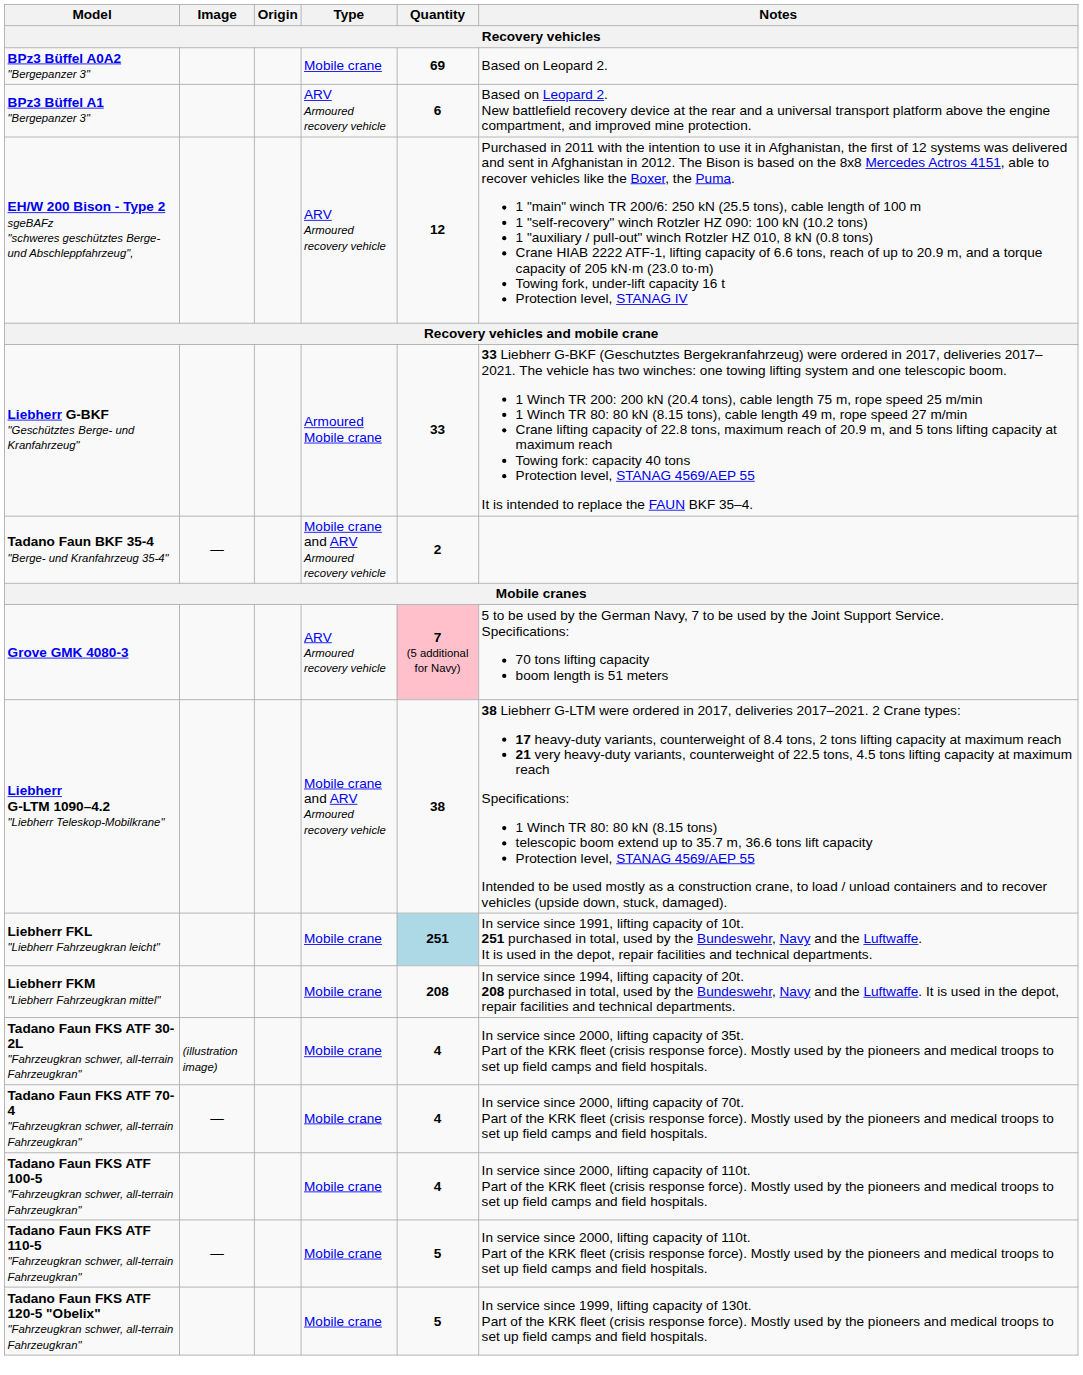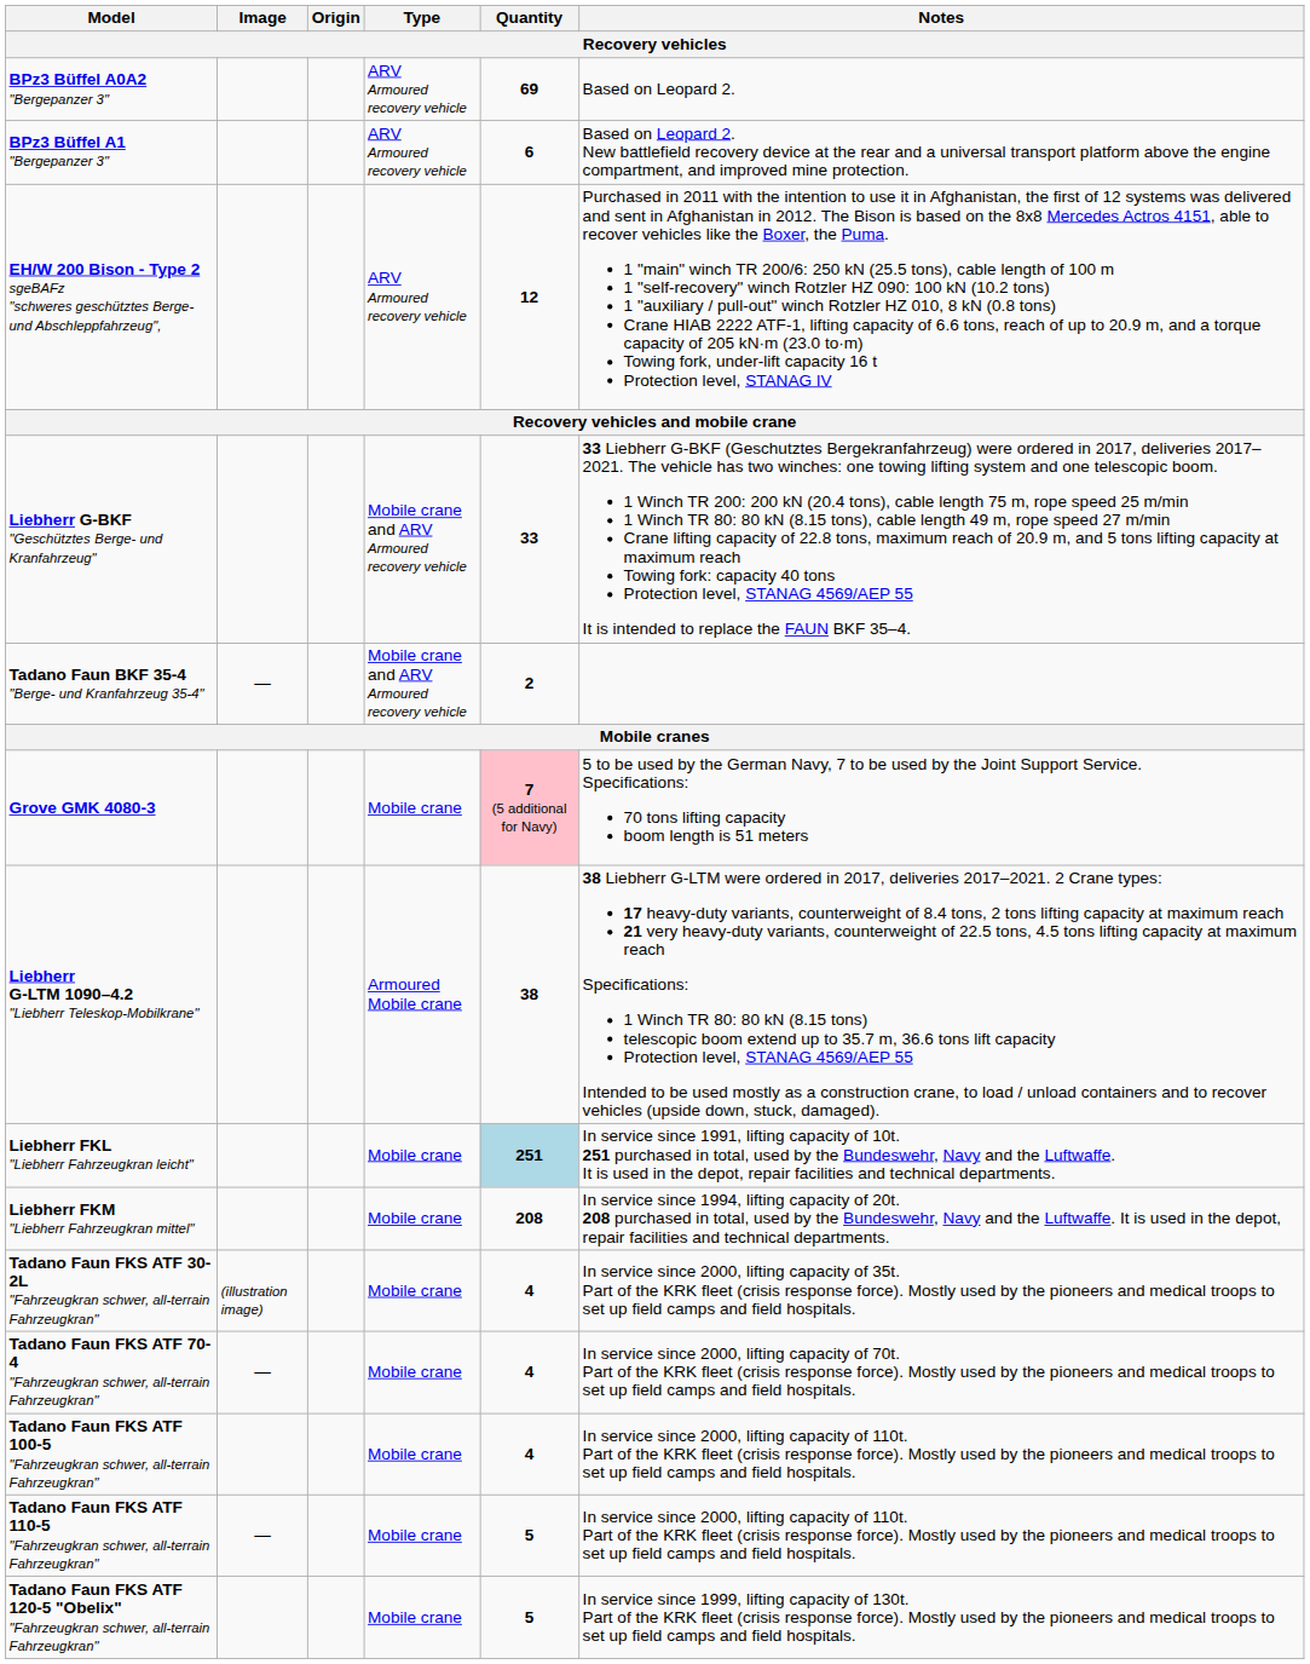 <table class="wikitable" style="width:100%;">
 <tr>
 <th>Model</th>
 <th>Image</th>
 <th>Origin</th>
 <th>Type</th>
 <th>Quantity</th>
 <th>Notes</th>
 </tr>
 <tr>
 <th colspan="6">Recovery vehicles</th>
 </tr>
 <tr>
 <td><a href='#'><strong>BPz3 Büffel A0A2</strong></a><br><em><small>"Bergepanzer 3"</small></em></td>
 <td></td>
 <td></td>
-<td><a href='#'>Mobile crane</a></td>
+<td><a href='#'>ARV</a><br><em><small>Armoured recovery vehicle</small></em></td>
 <td style="text-align: center;"><strong>69</strong></td>
 <td>Based on Leopard 2.</td>
 </tr>
 <tr>
 <td><a href='#'><strong>BPz3 Büffel A1</strong></a><br><em><small>"Bergepanzer 3"</small></em></td>
 <td></td>
 <td></td>
 <td><a href='#'>ARV</a><br><em><small>Armoured recovery vehicle</small></em></td>
 <td style="text-align: center;"><strong>6</strong></td>
 <td>Based on <a href='#'>Leopard 2</a>.<br>New battlefield recovery device at the rear and a universal transport platform above the engine compartment, and improved mine protection.</td>
 </tr>
 <tr>
 <td><strong><a href='#'>EH/W 200 Bison - Type 2</a></strong><br><small><em>sgeBAFz</em></small><br><small><em>"schweres geschütztes Berge- und Abschleppfahrzeug",</em></small></td>
 <td><br></td>
 <td><small><br></small></td>
 <td><a href='#'>ARV</a><br><em><small>Armoured recovery vehicle</small></em></td>
 <td style="text-align: center;"><strong>12</strong></td>
 <td>Purchased in 2011 with the intention to use it in Afghanistan, the first of 12 systems was delivered and sent in Afghanistan in 2012. The Bison is based on the 8x8 <a href='#'>Mercedes Actros 4151</a>, able to recover vehicles like the <a href='#'>Boxer</a>, the <a href='#'>Puma</a>.<br><ul><li>1 "main" winch TR 200/6: 250 kN (25.5 tons), cable length of 100 m</li><li>1 "self-recovery" winch Rotzler HZ 090: 100 kN (10.2 tons)</li><li>1 "auxiliary / pull-out" winch Rotzler HZ 010, 8 kN (0.8 tons)</li><li>Crane HIAB 2222 ATF-1, lifting capacity of 6.6 tons, reach of up to 20.9 m, and a torque capacity of 205 kN·m (23.0 to·m)</li><li>Towing fork, under-lift capacity 16 t</li><li>Protection level, <a href='#'>STANAG IV</a></li></ul></td>
 </tr>
 <tr>
 <th colspan="6">Recovery vehicles and mobile crane</th>
 </tr>
 <tr>
 <td><strong><a href='#'>Liebherr</a> G-BKF</strong><br><em><small>"Geschütztes</small></em> <small><em>Berge- und Kranfahrzeug"</em></small></td>
 <td><br></td>
 <td><small></small></td>
-<td><a href='#'>Armoured</a> <a href='#'>Mobile crane</a></td>
+<td><a href='#'>Mobile crane</a> and <a href='#'>ARV</a><br><em><small>Armoured recovery vehicle</small></em></td>
 <td style="text-align: center;"><strong>33</strong></td>
 <td><strong>33</strong> Liebherr G-BKF (Geschutztes Bergekranfahrzeug) were ordered in 2017, deliveries 2017–2021. The vehicle has two winches: one towing lifting system and one telescopic boom.<br><ul><li>1 Winch TR 200: 200 kN (20.4 tons), cable length 75 m, rope speed 25 m/min</li><li>1 Winch TR 80: 80 kN (8.15 tons), cable length 49 m, rope speed 27 m/min</li><li>Crane lifting capacity of 22.8 tons, maximum reach of 20.9 m, and 5 tons lifting capacity at maximum reach</li><li>Towing fork: capacity 40 tons</li><li>Protection level, <a href='#'>STANAG 4569/AEP 55</a></li></ul>It is intended to replace the <a href='#'>FAUN</a> BKF 35–4.</td>
 </tr>
 <tr>
 <td><strong>Tadano Faun BKF 35-4</strong><br><small><em>"Berge- und Kranfahrzeug 35-4"</em></small></td>
 <td style="text-align: center;">—</td>
 <td><small></small></td>
 <td><a href='#'>Mobile crane</a> and <a href='#'>ARV</a><br><em><small>Armoured recovery vehicle</small></em></td>
 <td style="text-align: center;"><strong>2</strong></td>
 <td></td>
 </tr>
 <tr>
 <th colspan="6">Mobile cranes</th>
 </tr>
 <tr>
 <td><strong><a href='#'>Grove GMK 4080-3</a></strong></td>
 <td style="text-align: center;"></td>
 <td><small></small></td>
-<td><a href='#'>ARV</a><br><em><small>Armoured recovery vehicle</small></em></td>
+<td><a href='#'>Mobile crane</a></td>
 <td style="background: pink; text-align: center;"><strong>7</strong><br><small>(5 additional for Navy)</small></td>
 <td>5 to be used by the German Navy, 7 to be used by the Joint Support Service.<br>Specifications:<ul><li>70 tons lifting capacity</li><li>boom length is 51 meters</li></ul></td>
 </tr>
 <tr>
 <td><strong><a href='#'>Liebherr</a></strong><br><strong>G-LTM 1090–4.2</strong><br><small><em>"Liebherr Teleskop-Mobilkrane"</em></small></td>
 <td style="text-align: center;"></td>
 <td><small></small></td>
-<td><a href='#'>Mobile crane</a> and <a href='#'>ARV</a><br><em><small>Armoured recovery vehicle</small></em></td>
+<td><a href='#'>Armoured</a> <a href='#'>Mobile crane</a></td>
 <td style="text-align: center;"><strong>38</strong></td>
 <td><strong>38</strong> Liebherr G-LTM were ordered in 2017, deliveries 2017–2021. 2 Crane types:<br><ul><li><strong>17</strong> heavy-duty variants, counterweight of 8.4 tons, 2 tons lifting capacity at maximum reach</li><li><strong>21</strong> very heavy-duty variants, counterweight of 22.5 tons, 4.5 tons lifting capacity at maximum reach</li></ul>Specifications:<ul><li>1 Winch TR 80: 80 kN (8.15 tons)</li><li>telescopic boom extend up to 35.7 m, 36.6 tons lift capacity</li><li>Protection level, <a href='#'>STANAG 4569/AEP 55</a></li></ul>Intended to be used mostly as a construction crane, to load / unload containers and to recover vehicles (upside down, stuck, damaged).</td>
 </tr>
 <tr>
 <td><strong>Liebherr FKL</strong><br><small><em>"Liebherr Fahrzeugkran leicht"</em></small></td>
 <td></td>
 <td><small></small></td>
 <td><a href='#'>Mobile crane</a></td>
 <td style="background: lightblue; text-align: center;"><strong>251</strong></td>
 <td>In service since 1991, lifting capacity of 10t.<br><strong>251</strong> purchased in total, used by the <a href='#'>Bundeswehr</a>, <a href='#'>Navy</a> and the <a href='#'>Luftwaffe</a>.<br>It is used in the depot, repair facilities and technical departments.</td>
 </tr>
 <tr>
 <td><strong>Liebherr FKM</strong><br><small><em>"Liebherr Fahrzeugkran mittel"</em></small></td>
 <td></td>
 <td><small></small></td>
 <td><a href='#'>Mobile crane</a></td>
 <td style="text-align: center;"><strong>208</strong></td>
 <td>In service since 1994, lifting capacity of 20t.<br><strong>208</strong> purchased in total, used by the <a href='#'>Bundeswehr</a>, <a href='#'>Navy</a> and the <a href='#'>Luftwaffe</a>. It is used in the depot, repair facilities and technical departments.</td>
 </tr>
 <tr>
 <td><strong>Tadano Faun FKS ATF 30-2L</strong><br><em><small>"Fahrzeugkran schwer, all-terrain Fahrzeugkran"</small></em></td>
 <td><br><small><em>(illustration image)</em></small></td>
 <td><small></small></td>
 <td><a href='#'>Mobile crane</a></td>
 <td style="text-align: center;"><strong>4</strong></td>
 <td>In service since 2000, lifting capacity of 35t.<br>Part of the KRK fleet (crisis response force). Mostly used by the pioneers and medical troops to set up field camps and field hospitals.</td>
 </tr>
 <tr>
 <td><strong>Tadano Faun FKS ATF 70-4</strong><br><em><small>"Fahrzeugkran schwer, all-terrain Fahrzeugkran"</small></em></td>
 <td style="text-align: center;">—</td>
 <td><small></small></td>
 <td><a href='#'>Mobile crane</a></td>
 <td style="text-align: center;"><strong>4</strong></td>
 <td>In service since 2000, lifting capacity of 70t.<br>Part of the KRK fleet (crisis response force). Mostly used by the pioneers and medical troops to set up field camps and field hospitals.</td>
 </tr>
 <tr>
 <td><strong>Tadano Faun FKS ATF 100-5</strong><br><em><small>"Fahrzeugkran schwer, all-terrain Fahrzeugkran"</small></em></td>
 <td></td>
 <td><small></small></td>
 <td><a href='#'>Mobile crane</a></td>
 <td style="text-align: center;"><strong>4</strong></td>
 <td>In service since 2000, lifting capacity of 110t.<br>Part of the KRK fleet (crisis response force). Mostly used by the pioneers and medical troops to set up field camps and field hospitals.</td>
 </tr>
 <tr>
 <td><strong>Tadano Faun FKS ATF 110-5</strong><br><em><small>"Fahrzeugkran schwer, all-terrain Fahrzeugkran"</small></em></td>
 <td style="text-align: center;">—</td>
 <td><small></small></td>
 <td><a href='#'>Mobile crane</a></td>
 <td style="text-align: center;"><strong>5</strong></td>
 <td>In service since 2000, lifting capacity of 110t.<br>Part of the KRK fleet (crisis response force). Mostly used by the pioneers and medical troops to set up field camps and field hospitals.</td>
 </tr>
 <tr>
 <td><strong>Tadano Faun FKS ATF 120-5 "Obelix"</strong><br><em><small>"Fahrzeugkran schwer, all-terrain Fahrzeugkran"</small></em></td>
 <td></td>
 <td><small></small></td>
 <td><a href='#'>Mobile crane</a></td>
 <td style="text-align: center;"><strong>5</strong></td>
 <td>In service since 1999, lifting capacity of 130t.<br>Part of the KRK fleet (crisis response force). Mostly used by the pioneers and medical troops to set up field camps and field hospitals.</td>
 </tr>
 </table>
